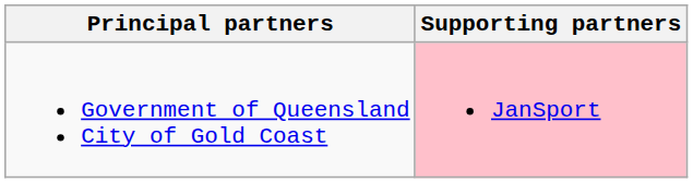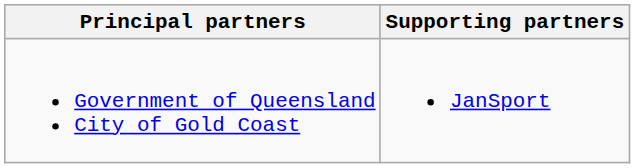 <table class="wikitable">
 <tr>
 <th>Principal partners</th>
 <th>Supporting partners</th>
 </tr>
 <tr>
 <td style="vertical-align:top;"><br><ul><li><a href='#'>Government of Queensland</a></li><li><a href='#'>City of Gold Coast</a></li></ul></td>
-<td style="background: pink; vertical-align:top;"><br><ul><li><a href='#'>JanSport</a></li></ul></td>
+<td style="vertical-align:top;"><br><ul><li><a href='#'>JanSport</a></li></ul></td>
 </tr>
 </table>
